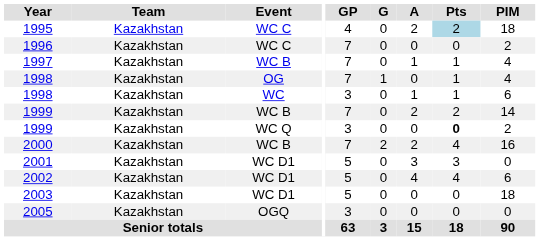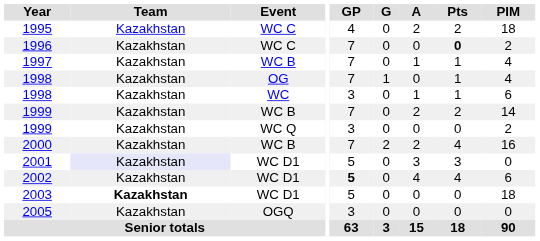 <table border="0" cellpadding="1" cellspacing="0" style="text-align:center; width:40em">
 <tr bgcolor="#e0e0e0">
 <th>Year</th>
 <th>Team</th>
 <th>Event</th>
 <th rowspan="99" bgcolor="#ffffff"></th>
 <th>GP</th>
 <th>G</th>
 <th>A</th>
 <th>Pts</th>
 <th>PIM</th>
 </tr>
 <tr>
 <td><a href='#'>1995</a></td>
 <td><a href='#'>Kazakhstan</a></td>
 <td><a href='#'>WC C</a></td>
 <td>4</td>
 <td>0</td>
 <td>2</td>
-<td style="background: lightblue;">2</td>
+<td>2</td>
 <td>18</td>
 </tr>
 <tr bgcolor="#f0f0f0">
 <td><a href='#'>1996</a></td>
 <td>Kazakhstan</td>
 <td>WC C</td>
 <td>7</td>
 <td>0</td>
 <td>0</td>
-<td>0</td>
+<td><strong>0</strong></td>
 <td>2</td>
 </tr>
 <tr>
 <td><a href='#'>1997</a></td>
 <td>Kazakhstan</td>
 <td><a href='#'>WC B</a></td>
 <td>7</td>
 <td>0</td>
 <td>1</td>
 <td>1</td>
 <td>4</td>
 </tr>
 <tr bgcolor="#f0f0f0">
 <td><a href='#'>1998</a></td>
 <td>Kazakhstan</td>
 <td><a href='#'>OG</a></td>
 <td>7</td>
 <td>1</td>
 <td>0</td>
 <td>1</td>
 <td>4</td>
 </tr>
 <tr>
 <td><a href='#'>1998</a></td>
 <td>Kazakhstan</td>
 <td><a href='#'>WC</a></td>
 <td>3</td>
 <td>0</td>
 <td>1</td>
 <td>1</td>
 <td>6</td>
 </tr>
 <tr bgcolor="#f0f0f0">
 <td><a href='#'>1999</a></td>
 <td>Kazakhstan</td>
 <td>WC B</td>
 <td>7</td>
 <td>0</td>
 <td>2</td>
 <td>2</td>
 <td>14</td>
 </tr>
 <tr>
 <td><a href='#'>1999</a></td>
 <td>Kazakhstan</td>
 <td>WC Q</td>
 <td>3</td>
 <td>0</td>
 <td>0</td>
-<td><strong>0</strong></td>
+<td>0</td>
 <td>2</td>
 </tr>
 <tr bgcolor="#f0f0f0">
 <td><a href='#'>2000</a></td>
 <td>Kazakhstan</td>
 <td>WC B</td>
 <td>7</td>
 <td>2</td>
 <td>2</td>
 <td>4</td>
 <td>16</td>
 </tr>
 <tr>
 <td><a href='#'>2001</a></td>
-<td>Kazakhstan</td>
+<td style="background: lavender;">Kazakhstan</td>
 <td>WC D1</td>
 <td>5</td>
 <td>0</td>
 <td>3</td>
 <td>3</td>
 <td>0</td>
 </tr>
 <tr bgcolor="#f0f0f0">
 <td><a href='#'>2002</a></td>
 <td>Kazakhstan</td>
 <td>WC D1</td>
-<td>5</td>
+<td><strong>5</strong></td>
 <td>0</td>
 <td>4</td>
 <td>4</td>
 <td>6</td>
 </tr>
 <tr>
 <td><a href='#'>2003</a></td>
-<td>Kazakhstan</td>
+<td><strong>Kazakhstan</strong></td>
 <td>WC D1</td>
 <td>5</td>
 <td>0</td>
 <td>0</td>
 <td>0</td>
 <td>18</td>
 </tr>
 <tr bgcolor="#f0f0f0">
 <td><a href='#'>2005</a></td>
 <td>Kazakhstan</td>
 <td>OGQ</td>
 <td>3</td>
 <td>0</td>
 <td>0</td>
 <td>0</td>
 <td>0</td>
 </tr>
 <tr bgcolor="#e0e0e0">
 <th colspan="3">Senior totals</th>
 <th>63</th>
 <th>3</th>
 <th>15</th>
 <th>18</th>
 <th>90</th>
 </tr>
 </table>
